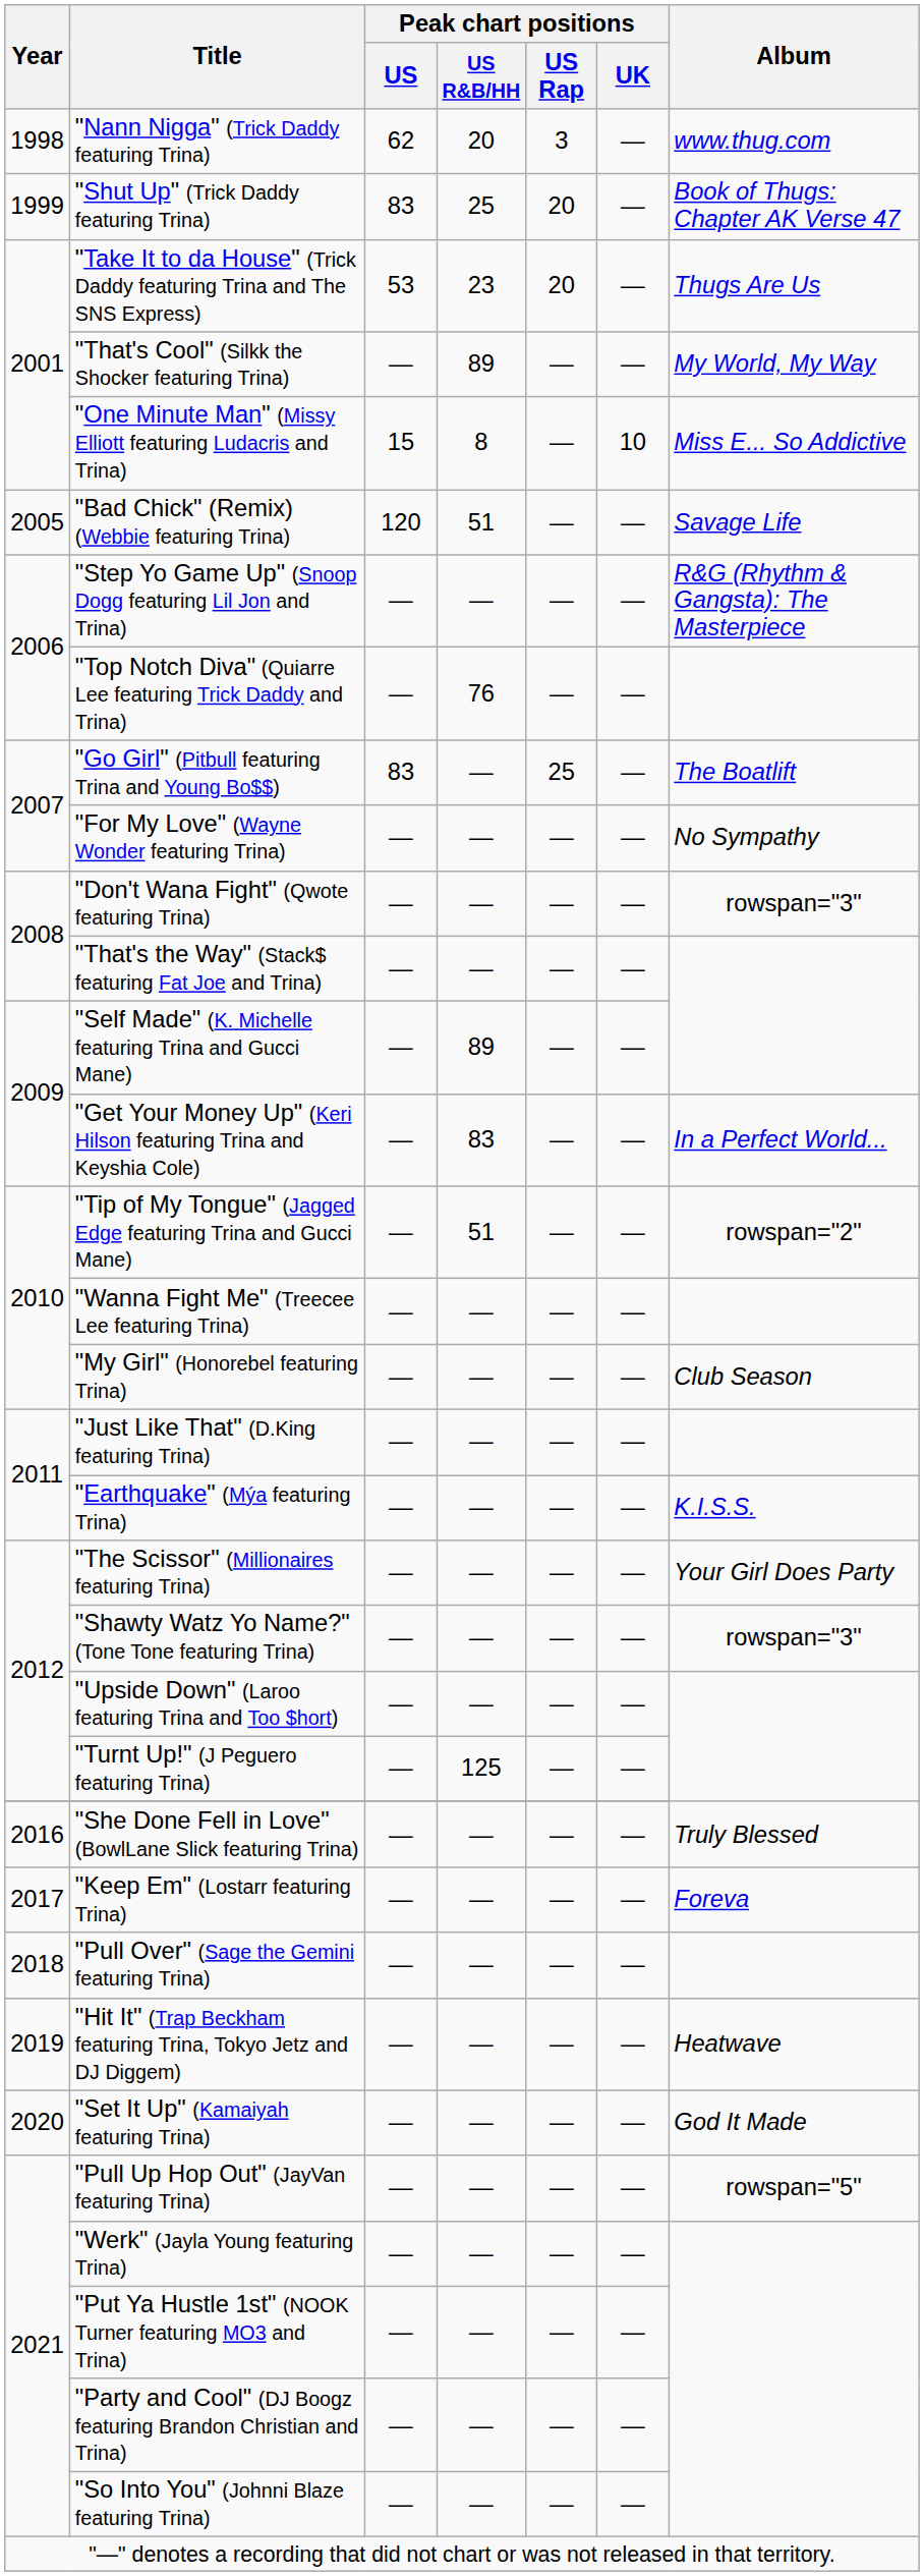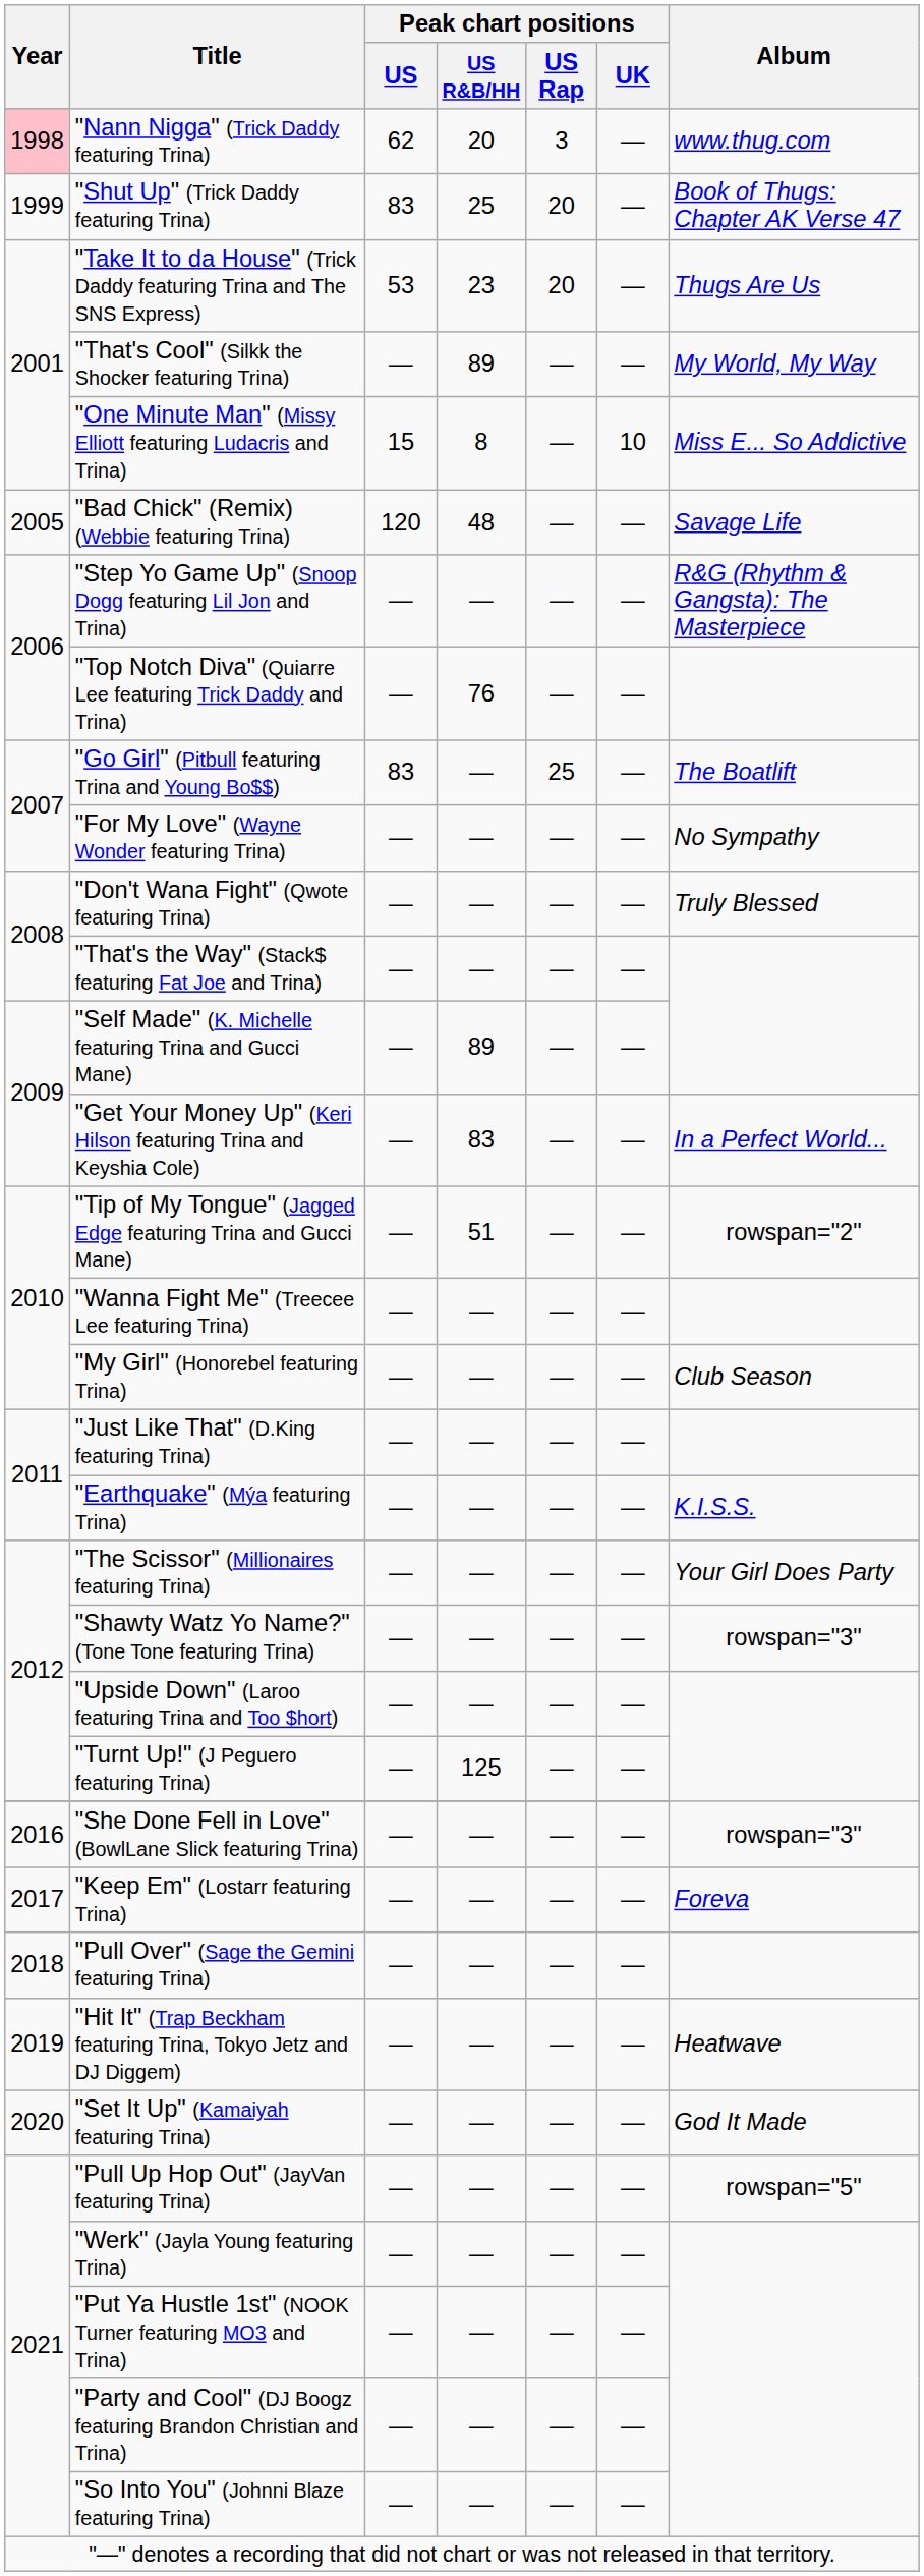 <table class="wikitable" style="text-align:center">
 <tr>
 <th rowspan="2">Year</th>
 <th rowspan="2">Title</th>
 <th colspan="4">Peak chart positions</th>
 <th rowspan="2">Album</th>
 </tr>
 <tr>
 <th style="text-align:center; width:40px;"><a href='#'>US</a><br></th>
 <th style="text-align:center; width:40px;"><small><a href='#'>US<br>R&B/HH</a></small><br></th>
 <th style="text-align:center; width:40px;"><a href='#'>US Rap</a><br></th>
 <th style="text-align:center; width:40px;"><a href='#'>UK</a><br></th>
 </tr>
 <tr>
-<td>1998</td>
+<td style="background: pink;">1998</td>
 <td style="text-align:left;">"<a href='#'>Nann Nigga</a>" <small>(<a href='#'>Trick Daddy</a> featuring Trina)</small></td>
 <td>62</td>
 <td>20</td>
 <td>3</td>
 <td>—</td>
 <td style="text-align:left;"><em><a href='#'>www.thug.com</a></em></td>
 </tr>
 <tr>
 <td>1999</td>
 <td style="text-align:left;">"<a href='#'>Shut Up</a>" <small>(Trick Daddy featuring Trina)</small></td>
 <td>83</td>
 <td>25</td>
 <td>20</td>
 <td>—</td>
 <td style="text-align:left;"><em><a href='#'>Book of Thugs: Chapter AK Verse 47</a></em></td>
 </tr>
 <tr>
 <td rowspan="3">2001</td>
 <td style="text-align:left;">"<a href='#'>Take It to da House</a>" <small>(Trick Daddy featuring Trina and The SNS Express)</small></td>
 <td>53</td>
 <td>23</td>
 <td>20</td>
 <td>—</td>
 <td style="text-align:left;"><em><a href='#'>Thugs Are Us</a></em></td>
 </tr>
 <tr>
 <td style="text-align:left;">"That's Cool" <small>(Silkk the Shocker featuring Trina)</small></td>
 <td>—</td>
 <td>89</td>
 <td>—</td>
 <td>—</td>
 <td style="text-align:left;"><em><a href='#'>My World, My Way</a></em></td>
 </tr>
 <tr>
 <td style="text-align:left;">"<a href='#'>One Minute Man</a>" <small>(<a href='#'>Missy Elliott</a> featuring <a href='#'>Ludacris</a> and Trina)</small></td>
 <td>15</td>
 <td>8</td>
 <td>—</td>
 <td>10</td>
 <td style="text-align:left;"><em><a href='#'>Miss E... So Addictive</a></em></td>
 </tr>
 <tr>
 <td>2005</td>
 <td style="text-align:left;">"Bad Chick" (Remix) <small>(<a href='#'>Webbie</a> featuring Trina)</small></td>
 <td>120</td>
-<td>51</td>
+<td>48</td>
 <td>—</td>
 <td>—</td>
 <td style="text-align:left;"><em><a href='#'>Savage Life</a></em></td>
 </tr>
 <tr>
 <td rowspan="2">2006</td>
 <td style="text-align:left;">"Step Yo Game Up" <small>(<a href='#'>Snoop Dogg</a> featuring <a href='#'>Lil Jon</a> and Trina)</small></td>
 <td>—</td>
 <td>—</td>
 <td>—</td>
 <td>—</td>
 <td style="text-align:left;"><em><a href='#'>R&G (Rhythm & Gangsta): The Masterpiece</a></em></td>
 </tr>
 <tr>
 <td style="text-align:left;">"Top Notch Diva"<small> (Quiarre Lee featuring <a href='#'>Trick Daddy</a> and Trina)</small></td>
 <td>—</td>
 <td>76</td>
 <td>—</td>
 <td>—</td>
 <td></td>
 </tr>
 <tr>
 <td rowspan="2">2007</td>
 <td style="text-align:left;">"<a href='#'>Go Girl</a>" <small>(<a href='#'>Pitbull</a> featuring Trina and <a href='#'>Young Bo$$</a>)</small></td>
 <td>83</td>
 <td>—</td>
 <td>25</td>
 <td>—</td>
 <td style="text-align:left;"><em><a href='#'>The Boatlift</a></em></td>
 </tr>
 <tr>
 <td style="text-align:left;">"For My Love" <small>(<a href='#'>Wayne Wonder</a> featuring Trina)</small></td>
 <td>—</td>
 <td>—</td>
 <td>—</td>
 <td>—</td>
 <td style="text-align:left;"><em>No Sympathy</em></td>
 </tr>
 <tr>
 <td rowspan="2">2008</td>
 <td style="text-align:left;">"Don't Wana Fight" <small>(Qwote featuring Trina)</small></td>
 <td>—</td>
 <td>—</td>
 <td>—</td>
 <td>—</td>
-<td>rowspan="3" </td>
+<td style="text-align:left;"><em>Truly Blessed</em></td>
 </tr>
 <tr>
 <td style="text-align:left;">"That's the Way" <small>(Stack$ featuring <a href='#'>Fat Joe</a> and Trina)</small></td>
 <td>—</td>
 <td>—</td>
 <td>—</td>
 <td>—</td>
 </tr>
 <tr>
 <td rowspan="2">2009</td>
 <td style="text-align:left;">"Self Made" <small>(<a href='#'>K. Michelle</a> featuring Trina and Gucci Mane)</small></td>
 <td>—</td>
 <td>89</td>
 <td>—</td>
 <td>—</td>
 </tr>
 <tr>
 <td style="text-align:left;">"Get Your Money Up" <small>(<a href='#'>Keri Hilson</a> featuring Trina and Keyshia Cole)</small></td>
 <td>—</td>
 <td>83</td>
 <td>—</td>
 <td>—</td>
 <td style="text-align:left;"><em><a href='#'>In a Perfect World...</a></em></td>
 </tr>
 <tr>
 <td rowspan="3">2010</td>
 <td style="text-align:left;">"Tip of My Tongue" <small>(<a href='#'>Jagged Edge</a> featuring Trina and  Gucci Mane)</small></td>
 <td>—</td>
 <td>51</td>
 <td>—</td>
 <td>—</td>
 <td>rowspan="2" </td>
 </tr>
 <tr>
 <td style="text-align:left;">"Wanna Fight Me" <small>(Treecee Lee featuring Trina)</small></td>
 <td>—</td>
 <td>—</td>
 <td>—</td>
 <td>—</td>
 </tr>
 <tr>
 <td style="text-align:left;">"My Girl" <small>(Honorebel featuring Trina)</small></td>
 <td>—</td>
 <td>—</td>
 <td>—</td>
 <td>—</td>
 <td style="text-align:left;"><em>Club Season</em></td>
 </tr>
 <tr>
 <td style="text-align:center;" rowspan="2">2011</td>
 <td style="text-align:left;">"Just Like That" <small>(D.King featuring Trina)</small></td>
 <td>—</td>
 <td>—</td>
 <td>—</td>
 <td>—</td>
 <td></td>
 </tr>
 <tr>
 <td style="text-align:left;">"<a href='#'>Earthquake</a>" <small>(<a href='#'>Mýa</a> featuring Trina)</small></td>
 <td>—</td>
 <td>—</td>
 <td>—</td>
 <td>—</td>
 <td style="text-align:left;"><em><a href='#'>K.I.S.S.</a></em></td>
 </tr>
 <tr>
 <td rowspan="4">2012</td>
 <td style="text-align:left;">"The Scissor" <small>(<a href='#'>Millionaires</a> featuring Trina)</small></td>
 <td>—</td>
 <td>—</td>
 <td>—</td>
 <td>—</td>
 <td style="text-align:left;"><em>Your Girl Does Party</em></td>
 </tr>
 <tr>
 <td style="text-align:left;">"Shawty Watz Yo Name?" <small>(Tone Tone featuring Trina)</small></td>
 <td>—</td>
 <td>—</td>
 <td>—</td>
 <td>—</td>
 <td>rowspan="3" </td>
 </tr>
 <tr>
 <td style="text-align:left;">"Upside Down" <small>(Laroo featuring Trina and <a href='#'>Too $hort</a>)</small></td>
 <td>—</td>
 <td>—</td>
 <td>—</td>
 <td>—</td>
 </tr>
 <tr>
 <td style="text-align:left;">"Turnt Up!" <small>(J Peguero featuring Trina)</small></td>
 <td>—</td>
 <td>125</td>
 <td>—</td>
 <td>—</td>
 </tr>
 <tr>
 </tr>
 <tr>
 <td>2016</td>
 <td style="text-align:left;">"She Done Fell in Love" <small>(BowlLane Slick featuring Trina)</small></td>
 <td>—</td>
 <td>—</td>
 <td>—</td>
 <td>—</td>
-<td style="text-align:left;"><em>Truly Blessed</em></td>
+<td>rowspan="3" </td>
 </tr>
 <tr>
 <td>2017</td>
 <td style="text-align:left;">"Keep Em" <small>(Lostarr featuring Trina)</small></td>
 <td>—</td>
 <td>—</td>
 <td>—</td>
 <td>—</td>
 <td style="text-align:left;"><em><a href='#'>Foreva</a></em></td>
 </tr>
 <tr>
 <td>2018</td>
 <td style="text-align:left;">"Pull Over" <small>(<a href='#'>Sage the Gemini</a> featuring Trina)</small></td>
 <td>—</td>
 <td>—</td>
 <td>—</td>
 <td>—</td>
 <td></td>
 </tr>
 <tr>
 <td>2019</td>
 <td style="text-align:left;">"Hit It" <small>(<a href='#'>Trap Beckham</a> featuring Trina, Tokyo Jetz and DJ Diggem)</small></td>
 <td>—</td>
 <td>—</td>
 <td>—</td>
 <td>—</td>
 <td style="text-align:left;"><em>Heatwave</em></td>
 </tr>
 <tr>
 <td>2020</td>
 <td style="text-align:left;">"Set It Up" <small>(<a href='#'>Kamaiyah</a> featuring Trina)</small></td>
 <td>—</td>
 <td>—</td>
 <td>—</td>
 <td>—</td>
 <td style="text-align:left;"><em>God It Made</em></td>
 </tr>
 <tr>
 <td rowspan="5">2021</td>
 <td style="text-align:left;">"Pull Up Hop Out" <small>(JayVan featuring Trina)</small></td>
 <td>—</td>
 <td>—</td>
 <td>—</td>
 <td>—</td>
 <td>rowspan="5" </td>
 </tr>
 <tr>
 <td style="text-align:left;">"Werk" <small>(Jayla Young featuring Trina)</small></td>
 <td>—</td>
 <td>—</td>
 <td>—</td>
 <td>—</td>
 </tr>
 <tr>
 <td style="text-align:left;">"Put Ya Hustle 1st" <small>(NOOK Turner featuring <a href='#'>MO3</a> and Trina)</small></td>
 <td>—</td>
 <td>—</td>
 <td>—</td>
 <td>—</td>
 </tr>
 <tr>
 <td style="text-align:left;">"Party and Cool" <small>(DJ Boogz featuring Brandon Christian and Trina)</small></td>
 <td>—</td>
 <td>—</td>
 <td>—</td>
 <td>—</td>
 </tr>
 <tr>
 <td style="text-align:left;">"So Into You" <small>(Johnni Blaze featuring Trina)</small></td>
 <td>—</td>
 <td>—</td>
 <td>—</td>
 <td>—</td>
 </tr>
 <tr>
 <td colspan="7" style="font-size:90%">"—" denotes a recording that did not chart or was not released in that territory.</td>
 </tr>
 </table>
